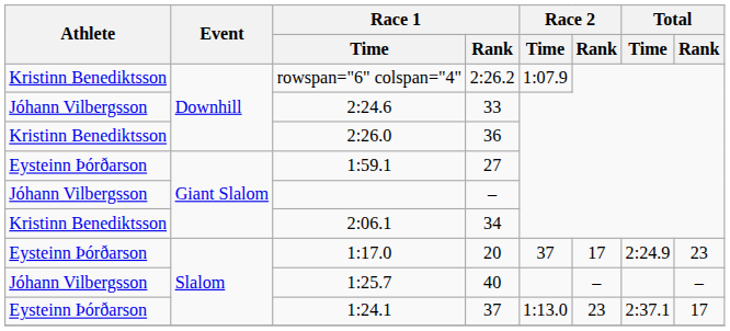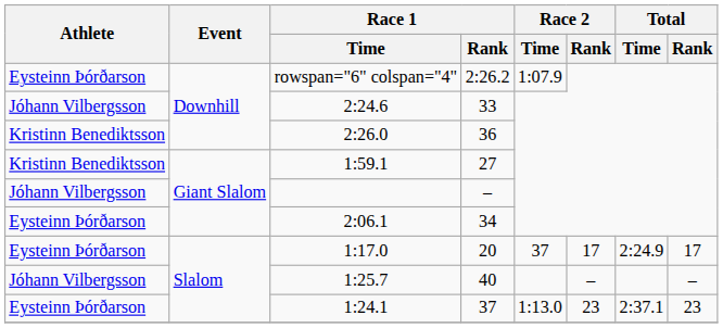 <table class="wikitable" style="font-size:90%">
 <tr>
 <th rowspan="2">Athlete</th>
 <th rowspan="2">Event</th>
 <th colspan="2">Race 1</th>
 <th colspan="2">Race 2</th>
 <th colspan="2">Total</th>
 </tr>
 <tr>
 <th>Time</th>
 <th>Rank</th>
 <th>Time</th>
 <th>Rank</th>
 <th>Time</th>
 <th>Rank</th>
 </tr>
 <tr>
-<td><a href='#'>Kristinn Benediktsson</a></td>
+<td><a href='#'>Eysteinn Þórðarson</a></td>
 <td rowspan="3"><a href='#'>Downhill</a></td>
 <td>rowspan="6" colspan="4" </td>
 <td align="center">2:26.2</td>
 <td align="center">1:07.9</td>
 </tr>
 <tr>
 <td><a href='#'>Jóhann Vilbergsson</a></td>
 <td align="center">2:24.6</td>
 <td align="center">33</td>
 </tr>
 <tr>
 <td><a href='#'>Kristinn Benediktsson</a></td>
 <td align="center">2:26.0</td>
 <td align="center">36</td>
 </tr>
 <tr>
-<td><a href='#'>Eysteinn Þórðarson</a></td>
+<td><a href='#'>Kristinn Benediktsson</a></td>
 <td rowspan="3"><a href='#'>Giant Slalom</a></td>
 <td align="center">1:59.1</td>
 <td align="center">27</td>
 </tr>
 <tr>
 <td><a href='#'>Jóhann Vilbergsson</a></td>
 <td align="center"></td>
 <td align="center">–</td>
 </tr>
 <tr>
-<td><a href='#'>Kristinn Benediktsson</a></td>
+<td><a href='#'>Eysteinn Þórðarson</a></td>
 <td align="center">2:06.1</td>
 <td align="center">34</td>
 </tr>
 <tr>
 <td><a href='#'>Eysteinn Þórðarson</a></td>
 <td rowspan="3"><a href='#'>Slalom</a></td>
 <td align="center">1:17.0</td>
 <td align="center">20</td>
 <td align="center">37</td>
 <td align="center">17</td>
 <td align="center">2:24.9</td>
-<td align="center">23</td>
+<td align="center">17</td>
 </tr>
 <tr>
 <td><a href='#'>Jóhann Vilbergsson</a></td>
 <td align="center">1:25.7</td>
 <td align="center">40</td>
 <td align="center"></td>
 <td align="center">–</td>
 <td align="center"></td>
 <td align="center">–</td>
 </tr>
 <tr>
 <td><a href='#'>Eysteinn Þórðarson</a></td>
 <td align="center">1:24.1</td>
 <td align="center">37</td>
 <td align="center">1:13.0</td>
 <td align="center">23</td>
 <td align="center">2:37.1</td>
-<td align="center">17</td>
+<td align="center">23</td>
 </tr>
 <tr>
 </tr>
 </table>
